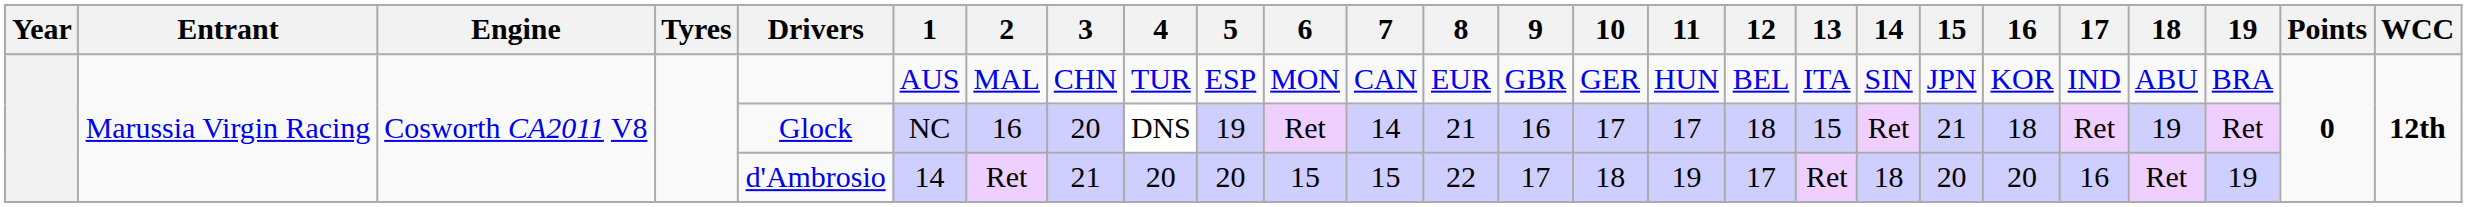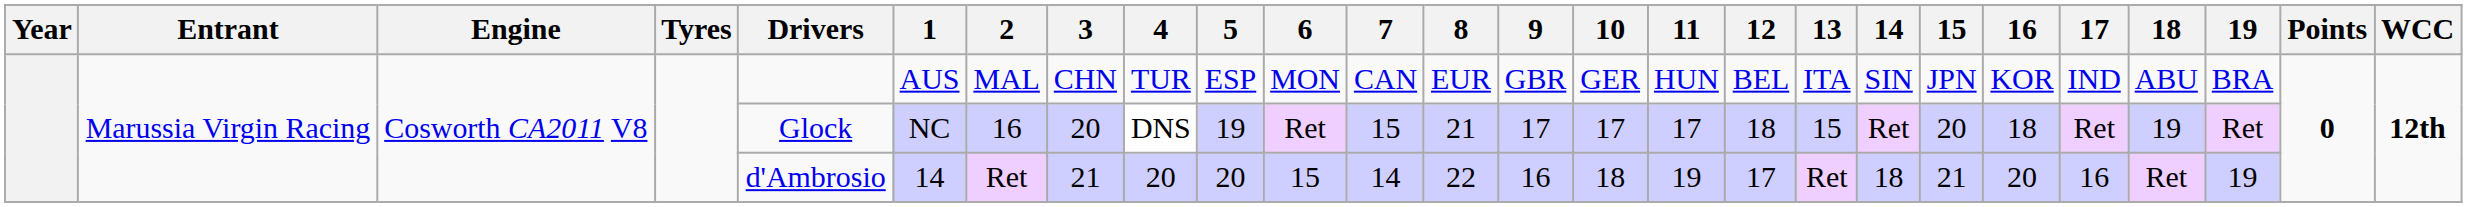 <table class="wikitable" style="text-align:center; font-size:95%">
 <tr>
 <th>Year</th>
 <th>Entrant</th>
 <th>Engine</th>
 <th>Tyres</th>
 <th>Drivers</th>
 <th>1</th>
 <th>2</th>
 <th>3</th>
 <th>4</th>
 <th>5</th>
 <th>6</th>
 <th>7</th>
 <th>8</th>
 <th>9</th>
 <th>10</th>
 <th>11</th>
 <th>12</th>
 <th>13</th>
 <th>14</th>
 <th>15</th>
 <th>16</th>
 <th>17</th>
 <th>18</th>
 <th>19</th>
 <th>Points</th>
 <th>WCC</th>
 </tr>
 <tr>
 <th rowspan=3></th>
 <td rowspan=3><a href='#'>Marussia Virgin Racing</a></td>
 <td rowspan=3><a href='#'>Cosworth <em>CA2011</em></a> <a href='#'>V8</a></td>
 <td rowspan=3></td>
 <td></td>
 <td><a href='#'>AUS</a></td>
 <td><a href='#'>MAL</a></td>
 <td><a href='#'>CHN</a></td>
 <td><a href='#'>TUR</a></td>
 <td><a href='#'>ESP</a></td>
 <td><a href='#'>MON</a></td>
 <td><a href='#'>CAN</a></td>
 <td><a href='#'>EUR</a></td>
 <td><a href='#'>GBR</a></td>
 <td><a href='#'>GER</a></td>
 <td><a href='#'>HUN</a></td>
 <td><a href='#'>BEL</a></td>
 <td><a href='#'>ITA</a></td>
 <td><a href='#'>SIN</a></td>
 <td><a href='#'>JPN</a></td>
 <td><a href='#'>KOR</a></td>
 <td><a href='#'>IND</a></td>
 <td><a href='#'>ABU</a></td>
 <td><a href='#'>BRA</a></td>
 <td rowspan=3><strong>0</strong></td>
 <td rowspan=3><strong>12th</strong></td>
 </tr>
 <tr>
 <td><a href='#'>Glock</a></td>
 <td style="background:#cfcfff;">NC</td>
 <td style="background:#cfcfff;">16</td>
 <td style="background:#cfcfff;">20</td>
 <td style="background:#ffffff;">DNS</td>
 <td style="background:#cfcfff;">19</td>
 <td style="background:#efcfff;">Ret</td>
-<td style="background:#cfcfff;">14</td>
+<td style="background:#cfcfff;">15</td>
 <td style="background:#cfcfff;">21</td>
-<td style="background:#cfcfff;">16</td>
+<td style="background:#cfcfff;">17</td>
 <td style="background:#cfcfff;">17</td>
 <td style="background:#cfcfff;">17</td>
 <td style="background:#cfcfff;">18</td>
 <td style="background:#cfcfff;">15</td>
 <td style="background:#efcfff;">Ret</td>
-<td style="background:#cfcfff;">21</td>
+<td style="background:#cfcfff;">20</td>
 <td style="background:#cfcfff;">18</td>
 <td style="background:#efcfff;">Ret</td>
 <td style="background:#cfcfff;">19</td>
 <td style="background:#efcfff;">Ret</td>
 </tr>
 <tr>
 <td><a href='#'>d'Ambrosio</a></td>
 <td style="background:#cfcfff;">14</td>
 <td style="background:#efcfff;">Ret</td>
 <td style="background:#cfcfff;">21</td>
 <td style="background:#cfcfff;">20</td>
 <td style="background:#cfcfff;">20</td>
 <td style="background:#cfcfff;">15</td>
-<td style="background:#cfcfff;">15</td>
+<td style="background:#cfcfff;">14</td>
 <td style="background:#cfcfff;">22</td>
-<td style="background:#cfcfff;">17</td>
+<td style="background:#cfcfff;">16</td>
 <td style="background:#cfcfff;">18</td>
 <td style="background:#cfcfff;">19</td>
 <td style="background:#cfcfff;">17</td>
 <td style="background:#efcfff;">Ret</td>
 <td style="background:#cfcfff;">18</td>
-<td style="background:#cfcfff;">20</td>
+<td style="background:#cfcfff;">21</td>
 <td style="background:#cfcfff;">20</td>
 <td style="background:#cfcfff;">16</td>
 <td style="background:#efcfff;">Ret</td>
 <td style="background:#cfcfff;">19</td>
 </tr>
 </table>
